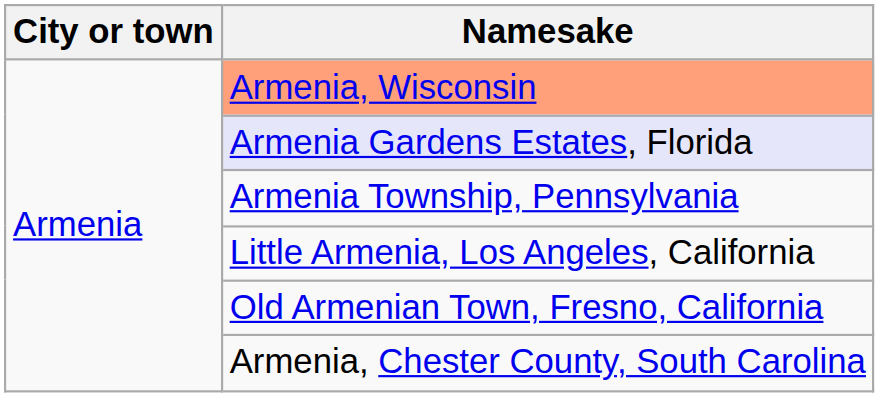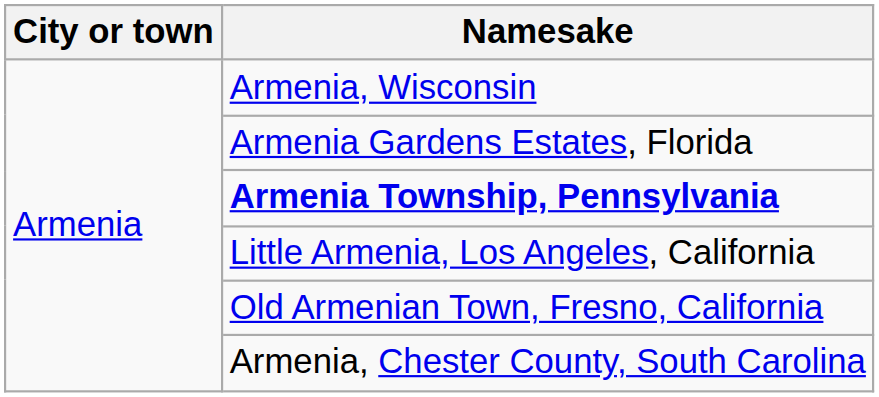 <table class="wikitable">
 <tr>
 <th>City or town</th>
 <th>Namesake</th>
 </tr>
 <tr>
 <td rowspan = 6><a href='#'>Armenia</a></td>
-<td style="background: lightsalmon;"><a href='#'>Armenia, Wisconsin</a></td>
+<td><a href='#'>Armenia, Wisconsin</a></td>
 </tr>
 <tr>
-<td style="background: lavender;"><a href='#'>Armenia Gardens Estates</a>, Florida</td>
+<td><a href='#'>Armenia Gardens Estates</a>, Florida</td>
 </tr>
 <tr>
-<td><a href='#'>Armenia Township, Pennsylvania</a></td>
+<td><strong><a href='#'>Armenia Township, Pennsylvania</a></strong></td>
 </tr>
 <tr>
 <td><a href='#'>Little Armenia, Los Angeles</a>, California</td>
 </tr>
 <tr>
 <td><a href='#'>Old Armenian Town, Fresno, California</a></td>
 </tr>
 <tr>
 <td>Armenia, <a href='#'>Chester County, South Carolina</a></td>
 </tr>
 </table>
